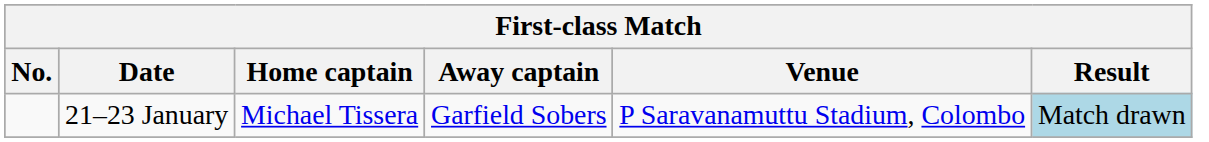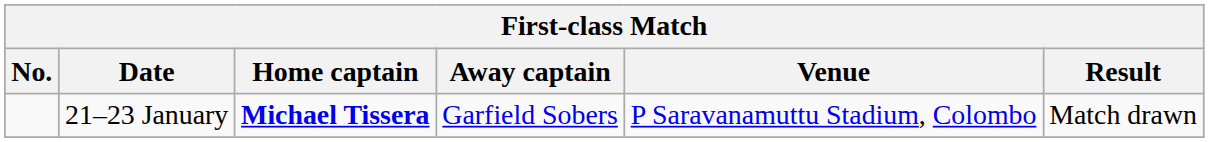 <table class="wikitable">
 <tr>
 <th colspan="9">First-class Match</th>
 </tr>
 <tr>
 <th>No.</th>
 <th>Date</th>
 <th>Home captain</th>
 <th>Away captain</th>
 <th>Venue</th>
 <th>Result</th>
 </tr>
 <tr>
 <td></td>
 <td>21–23 January</td>
-<td><a href='#'>Michael Tissera</a></td>
+<td><strong><a href='#'>Michael Tissera</a></strong></td>
 <td><a href='#'>Garfield Sobers</a></td>
 <td><a href='#'>P Saravanamuttu Stadium</a>, <a href='#'>Colombo</a></td>
-<td style="background: lightblue;">Match drawn</td>
+<td>Match drawn</td>
 </tr>
 </table>
